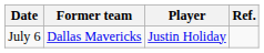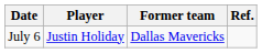 <table class="wikitable sortable sortable" style="text-align: center">
 <tr>
 <th>Date</th>
+<th>Player</th>
 <th>Former team</th>
-<th>Player</th>
 <th>Ref.</th>
 </tr>
 <tr>
 <td>July 6</td>
+<td><a href='#'>Justin Holiday</a></td>
 <td><a href='#'>Dallas Mavericks</a></td>
-<td><a href='#'>Justin Holiday</a></td>
 <td></td>
 </tr>
 </table>
